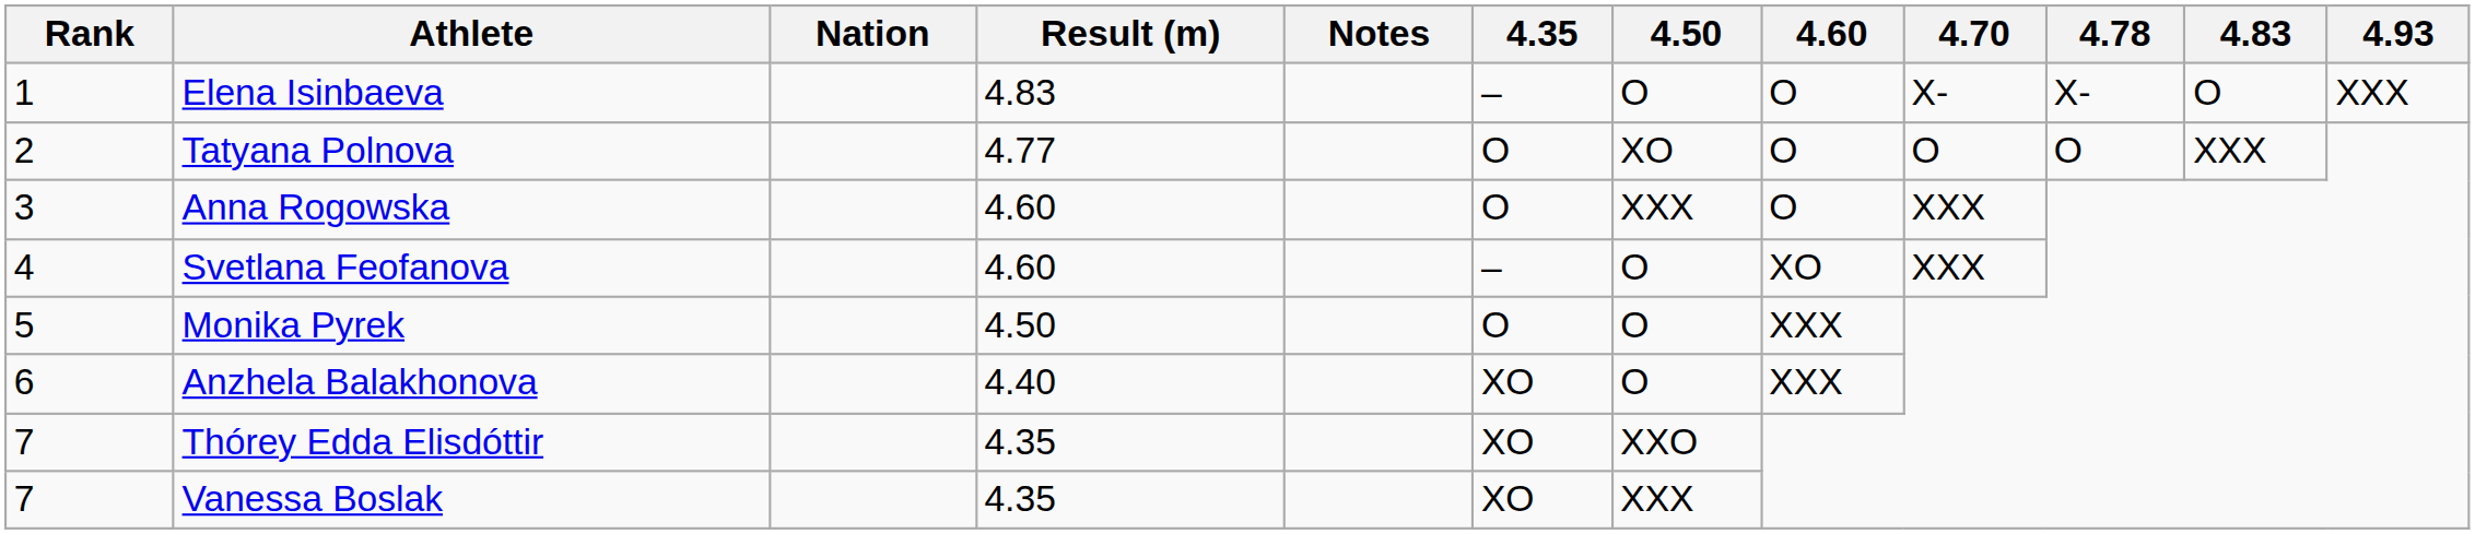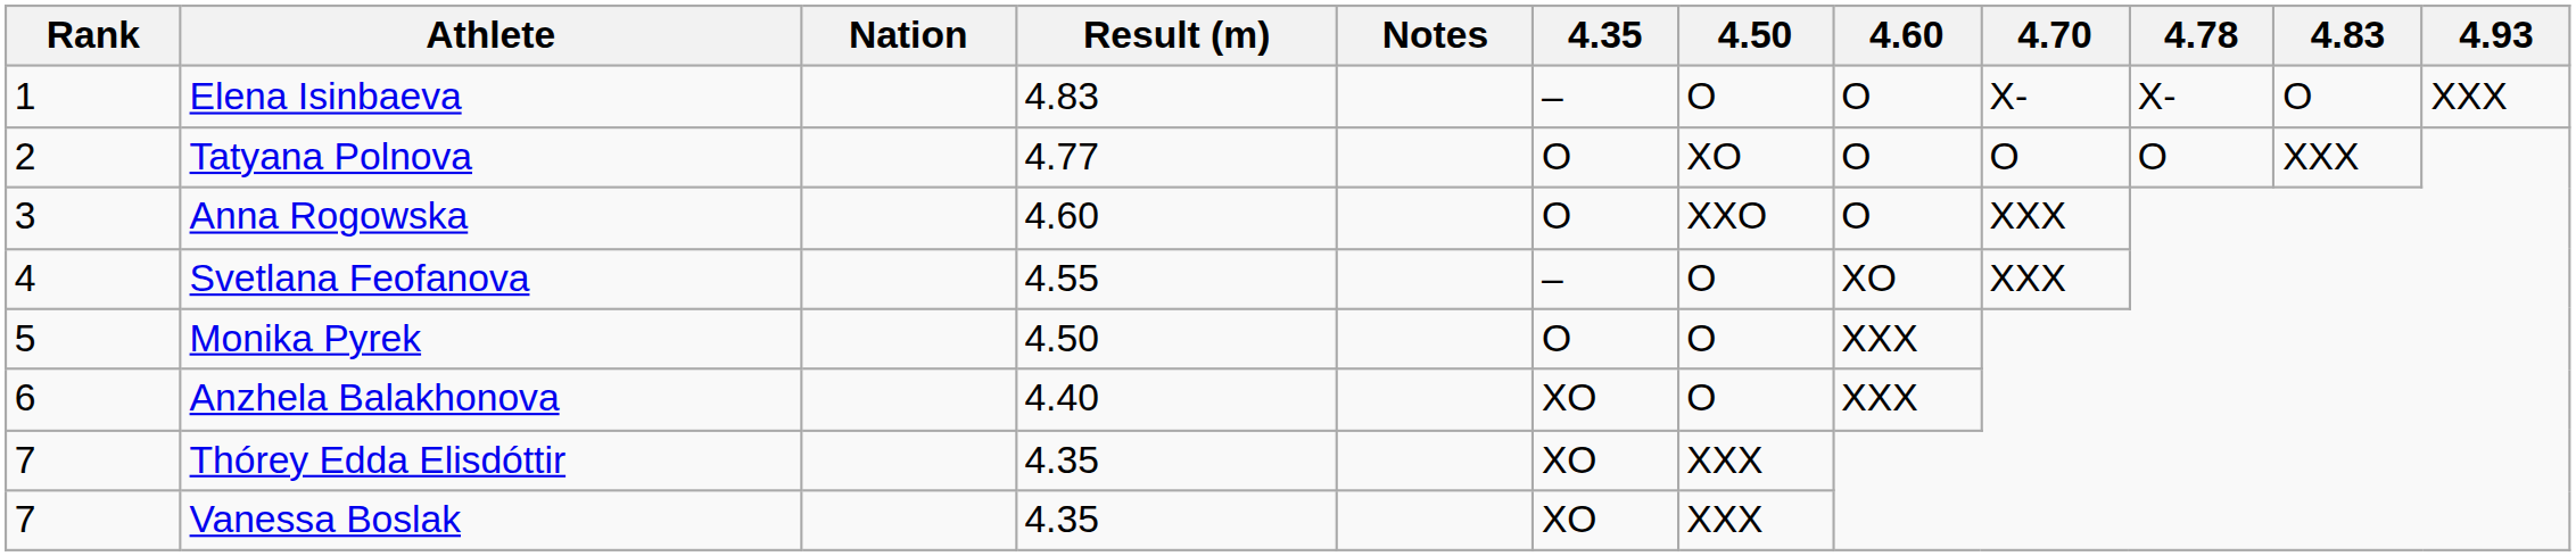 <table class="wikitable" style="text=align:center;" width=85%>
 <tr>
 <th>Rank</th>
 <th>Athlete</th>
 <th>Nation</th>
 <th>Result (m)</th>
 <th>Notes</th>
 <th>4.35</th>
 <th>4.50</th>
 <th>4.60</th>
 <th>4.70</th>
 <th>4.78</th>
 <th>4.83</th>
 <th>4.93</th>
 </tr>
 <tr>
 <td>1</td>
 <td><a href='#'>Elena Isinbaeva</a></td>
 <td></td>
 <td>4.83</td>
 <td></td>
 <td>–</td>
 <td>O</td>
 <td>O</td>
 <td>X-</td>
 <td>X-</td>
 <td>O</td>
 <td>XXX</td>
 </tr>
 <tr>
 <td>2</td>
 <td><a href='#'>Tatyana Polnova</a></td>
 <td></td>
 <td>4.77</td>
 <td></td>
 <td>O</td>
 <td>XO</td>
 <td>O</td>
 <td>O</td>
 <td>O</td>
 <td>XXX</td>
 </tr>
 <tr>
 <td>3</td>
 <td><a href='#'>Anna Rogowska</a></td>
 <td></td>
 <td>4.60</td>
 <td></td>
 <td>O</td>
-<td>XXX</td>
+<td>XXO</td>
 <td>O</td>
 <td>XXX</td>
 </tr>
 <tr>
 <td>4</td>
 <td><a href='#'>Svetlana Feofanova</a></td>
 <td></td>
-<td>4.60</td>
+<td>4.55</td>
 <td></td>
 <td>–</td>
 <td>O</td>
 <td>XO</td>
 <td>XXX</td>
 </tr>
 <tr>
 <td>5</td>
 <td><a href='#'>Monika Pyrek</a></td>
 <td></td>
 <td>4.50</td>
 <td></td>
 <td>O</td>
 <td>O</td>
 <td>XXX</td>
 </tr>
 <tr>
 <td>6</td>
 <td><a href='#'>Anzhela Balakhonova</a></td>
 <td></td>
 <td>4.40</td>
 <td></td>
 <td>XO</td>
 <td>O</td>
 <td>XXX</td>
 </tr>
 <tr>
 <td>7</td>
 <td><a href='#'>Thórey Edda Elisdóttir</a></td>
 <td></td>
 <td>4.35</td>
 <td></td>
 <td>XO</td>
-<td>XXO</td>
+<td>XXX</td>
 </tr>
 <tr>
 <td>7</td>
 <td><a href='#'>Vanessa Boslak</a></td>
 <td></td>
 <td>4.35</td>
 <td></td>
 <td>XO</td>
 <td>XXX</td>
 </tr>
 </table>
